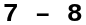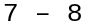 <table style="text-align:center">
 <tr>
 <th width=200></th>
 <th width=100></th>
 <th width=200></th>
 </tr>
 <tr>
 <td align=right></td>
-<td><strong>7 – 8</strong></td>
+<td>7 – 8</td>
 <td align=left><strong></strong></td>
 </tr>
 </table>
